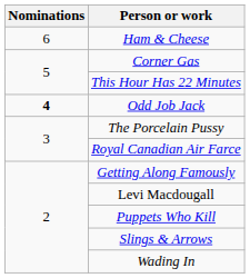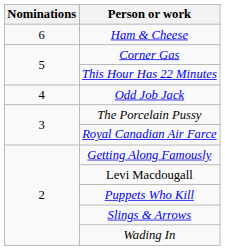 <table class="wikitable sortable" style="text-align:center;" background: #f6e39c;>
 <tr>
 <th scope="col" style="width:55px;">Nominations</th>
 <th scope="col" style="text-align:center;">Person or work</th>
 </tr>
 <tr>
 <td style="text-align:center">6</td>
 <td><em><a href='#'>Ham & Cheese</a></em></td>
 </tr>
 <tr>
 <td rowspan=2 style="text-align:center">5</td>
 <td><em><a href='#'>Corner Gas</a></em></td>
 </tr>
 <tr>
 <td><em><a href='#'>This Hour Has 22 Minutes</a></em></td>
 </tr>
 <tr>
-<td style="text-align:center"><strong>4</strong></td>
+<td style="text-align:center">4</td>
 <td><em><a href='#'>Odd Job Jack</a></em></td>
 </tr>
 <tr>
 <td rowspan=2 style="text-align:center">3</td>
 <td><em>The Porcelain Pussy</em></td>
 </tr>
 <tr>
 <td><em><a href='#'>Royal Canadian Air Farce</a></em></td>
 </tr>
 <tr>
 <td rowspan=5 style="text-align:center">2</td>
 <td><em><a href='#'>Getting Along Famously</a></em></td>
 </tr>
 <tr>
 <td>Levi Macdougall</td>
 </tr>
 <tr>
 <td><em><a href='#'>Puppets Who Kill</a></em></td>
 </tr>
 <tr>
 <td><em><a href='#'>Slings & Arrows</a></em></td>
 </tr>
 <tr>
 <td><em>Wading In</em></td>
 </tr>
 </table>
